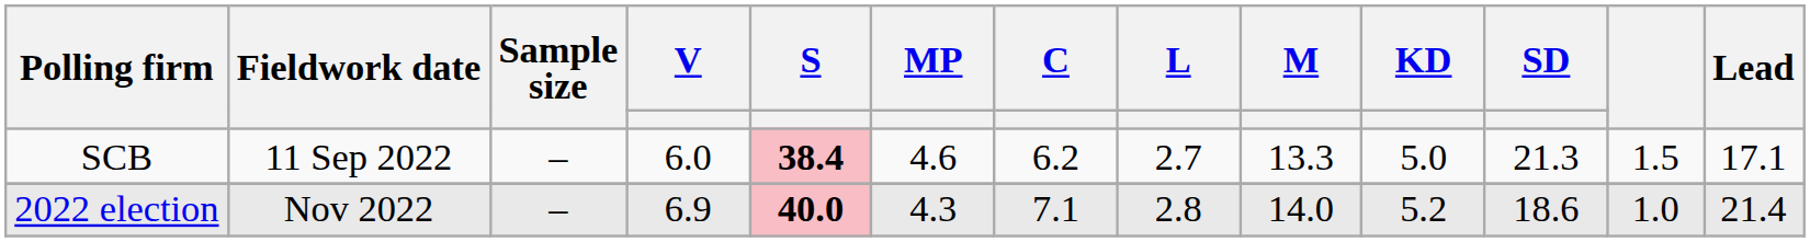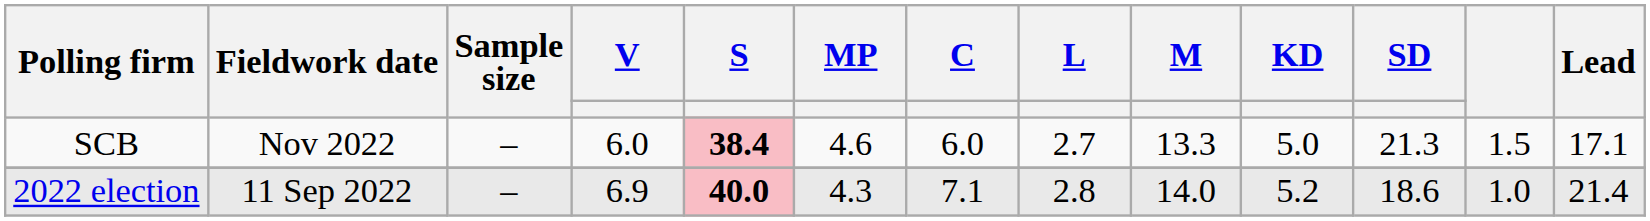 <table class="wikitable sortable" style="text-align:center;font-size:90%;line-height:14px;">
 <tr style="height:40px;">
 <th rowspan="2">Polling firm</th>
 <th rowspan="2">Fieldwork date</th>
 <th rowspan="2">Sample<br>size</th>
 <th class="sortable" style="width:40px;"><a href='#'>V</a></th>
 <th class="sortable" style="width:40px;"><a href='#'>S</a></th>
 <th class="sortable" style="width:40px;"><a href='#'>MP</a></th>
 <th class="sortable" style="width:40px;"><a href='#'>C</a></th>
 <th class="sortable" style="width:40px;"><a href='#'>L</a></th>
 <th class="sortable" style="width:40px;"><a href='#'>M</a></th>
 <th class="sortable" style="width:40px;"><a href='#'>KD</a></th>
 <th class="sortable" style="width:40px;"><a href='#'>SD</a></th>
 <th class="sortable" style="width:30px;" rowspan="2"></th>
 <th style="width:30px;" rowspan="2">Lead</th>
 </tr>
 <tr>
 <th style="background:"></th>
 <th style="background:"></th>
 <th style="background:"></th>
 <th style="background:"></th>
 <th style="background:"></th>
 <th style="background:"></th>
 <th style="background:"></th>
 <th style="background:"></th>
 </tr>
 <tr>
 <td>SCB</td>
-<td data-sort-value="2018-09-09">11 Sep 2022</td>
+<td>Nov 2022</td>
 <td>–</td>
 <td>6.0</td>
 <td style="background:#F9BDC5;"><strong>38.4</strong></td>
 <td>4.6</td>
-<td>6.2</td>
+<td>6.0</td>
 <td>2.7</td>
 <td>13.3</td>
 <td>5.0</td>
 <td>21.3</td>
 <td>1.5</td>
 <td style="background:">17.1</td>
 </tr>
 <tr>
 </tr>
 <tr style="background:#E9E9E9;">
 <td><a href='#'>2022 election</a></td>
-<td>Nov 2022</td>
+<td data-sort-value="2018-09-09">11 Sep 2022</td>
 <td>–</td>
 <td>6.9</td>
 <td style="background:#F9BDC5;"><strong>40.0</strong></td>
 <td>4.3</td>
 <td>7.1</td>
 <td>2.8</td>
 <td>14.0</td>
 <td>5.2</td>
 <td>18.6</td>
 <td>1.0</td>
 <td style="background:">21.4</td>
 </tr>
 </table>
